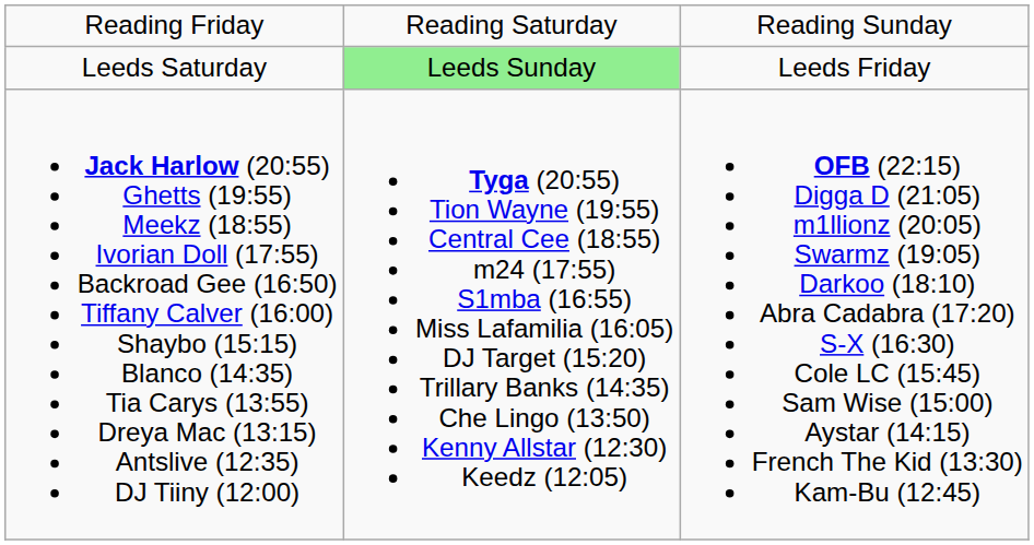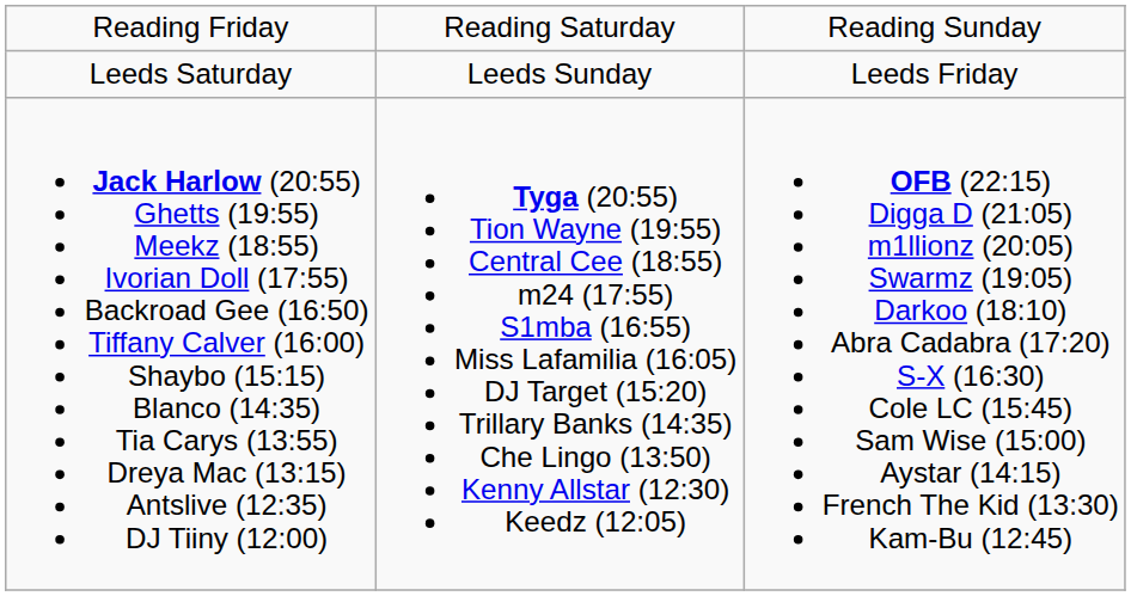 <table class="wikitable" style="text-align:center;">
 <tr>
 <td>Reading Friday</td>
 <td>Reading Saturday</td>
 <td>Reading Sunday</td>
 </tr>
 <tr>
 <td>Leeds Saturday</td>
-<td style="background: lightgreen;">Leeds Sunday</td>
+<td>Leeds Sunday</td>
 <td>Leeds Friday</td>
 </tr>
 <tr>
 <td><br><ul><li><strong><a href='#'>Jack Harlow</a></strong> (20:55)</li><li><a href='#'>Ghetts</a> (19:55)</li><li><a href='#'>Meekz</a> (18:55)</li><li><a href='#'>Ivorian Doll</a> (17:55)</li><li>Backroad Gee (16:50)</li><li><a href='#'>Tiffany Calver</a> (16:00)</li><li>Shaybo (15:15)</li><li>Blanco (14:35)</li><li>Tia Carys (13:55)</li><li>Dreya Mac (13:15)</li><li>Antslive (12:35)</li><li>DJ Tiiny (12:00)</li></ul></td>
 <td><br><ul><li><strong><a href='#'>Tyga</a></strong> (20:55)</li><li><a href='#'>Tion Wayne</a> (19:55)</li><li><a href='#'>Central Cee</a> (18:55)</li><li>m24 (17:55)</li><li><a href='#'>S1mba</a> (16:55)</li><li>Miss Lafamilia (16:05)</li><li>DJ Target (15:20)</li><li>Trillary Banks (14:35)</li><li>Che Lingo (13:50)</li><li><a href='#'>Kenny Allstar</a> (12:30)</li><li>Keedz (12:05)</li></ul></td>
 <td><br><ul><li><strong><a href='#'>OFB</a></strong> (22:15)</li><li><a href='#'>Digga D</a> (21:05)</li><li><a href='#'>m1llionz</a> (20:05)</li><li><a href='#'>Swarmz</a> (19:05)</li><li><a href='#'>Darkoo</a> (18:10)</li><li>Abra Cadabra (17:20)</li><li><a href='#'>S-X</a> (16:30)</li><li>Cole LC (15:45)</li><li>Sam Wise (15:00)</li><li>Aystar (14:15)</li><li>French The Kid (13:30)</li><li>Kam-Bu (12:45)</li></ul></td>
 </tr>
 </table>
